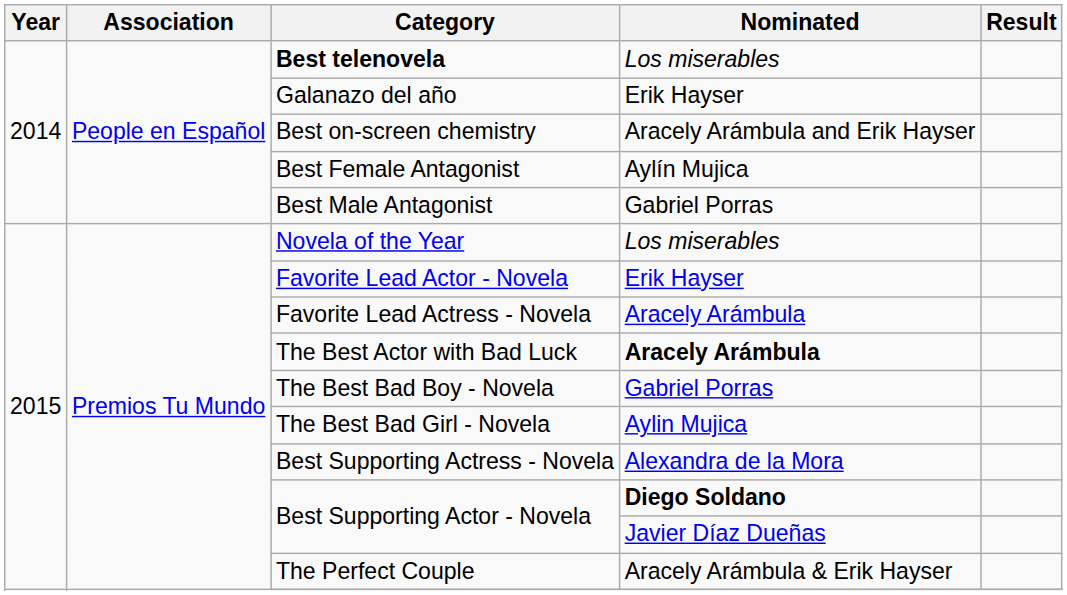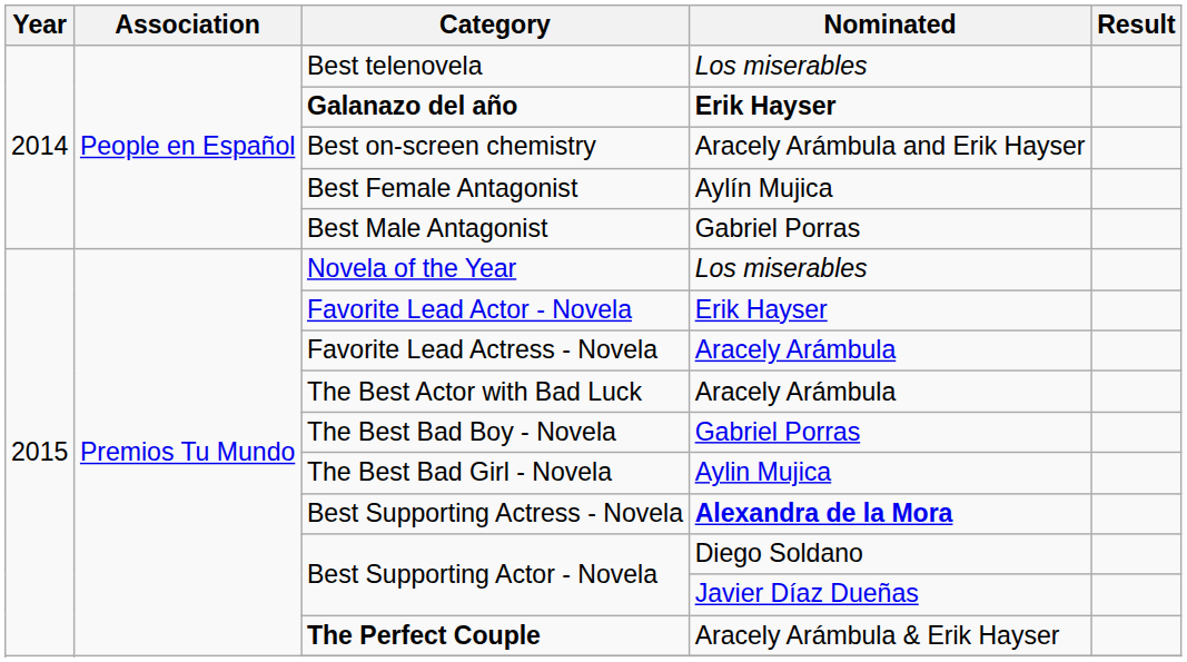 <table class="wikitable sortable">
 <tr>
 <th>Year</th>
 <th>Association</th>
 <th>Category</th>
 <th>Nominated</th>
 <th>Result</th>
 </tr>
 <tr>
 <td rowspan=5>2014</td>
 <td rowspan=5><a href='#'>People en Español</a></td>
-<td><strong>Best telenovela</strong></td>
+<td>Best telenovela</td>
 <td><em>Los miserables</em></td>
 <td></td>
 </tr>
 <tr>
-<td>Galanazo del año</td>
-<td>Erik Hayser</td>
+<td><strong>Galanazo del año</strong></td>
+<td><strong>Erik Hayser</strong></td>
 <td></td>
 </tr>
 <tr>
 <td>Best on-screen chemistry</td>
 <td>Aracely Arámbula and Erik Hayser</td>
 <td></td>
 </tr>
 <tr>
 <td>Best Female Antagonist</td>
 <td>Aylín Mujica</td>
 <td></td>
 </tr>
 <tr>
 <td>Best Male Antagonist</td>
 <td>Gabriel Porras</td>
 <td></td>
 </tr>
 <tr>
 <td rowspan=16>2015</td>
 <td rowspan=16><a href='#'>Premios Tu Mundo</a></td>
 <td><a href='#'>Novela of the Year</a></td>
 <td><em>Los miserables</em></td>
 <td></td>
 </tr>
 <tr>
 <td rowspan=1><a href='#'>Favorite Lead Actor - Novela</a></td>
 <td><a href='#'>Erik Hayser</a></td>
 <td></td>
 </tr>
 <tr>
 <td rowspan=1>Favorite Lead Actress - Novela</td>
 <td><a href='#'>Aracely Arámbula</a></td>
 <td></td>
 </tr>
 <tr>
 <td rowspan=1>The Best Actor with Bad Luck</td>
-<td><strong>Aracely Arámbula</strong></td>
+<td>Aracely Arámbula</td>
 <td></td>
 </tr>
 <tr>
 <td rowspan=1>The Best Bad Boy - Novela</td>
 <td><a href='#'>Gabriel Porras</a></td>
 <td></td>
 </tr>
 <tr>
 <td rowspan=1>The Best Bad Girl - Novela</td>
 <td><a href='#'>Aylin Mujica</a></td>
 <td></td>
 </tr>
 <tr>
 <td rowspan=1>Best Supporting Actress - Novela</td>
-<td><a href='#'>Alexandra de la Mora</a></td>
+<td><strong><a href='#'>Alexandra de la Mora</a></strong></td>
 <td></td>
 </tr>
 <tr>
 <td rowspan=2>Best Supporting Actor - Novela</td>
-<td><strong>Diego Soldano</strong></td>
+<td>Diego Soldano</td>
 <td></td>
 </tr>
 <tr>
 <td><a href='#'>Javier Díaz Dueñas</a></td>
 <td></td>
 </tr>
 <tr>
-<td rowspan=1>The Perfect Couple</td>
+<td rowspan=1><strong>The Perfect Couple</strong></td>
 <td>Aracely Arámbula & Erik Hayser</td>
 <td></td>
 </tr>
 <tr>
 </tr>
 </table>
